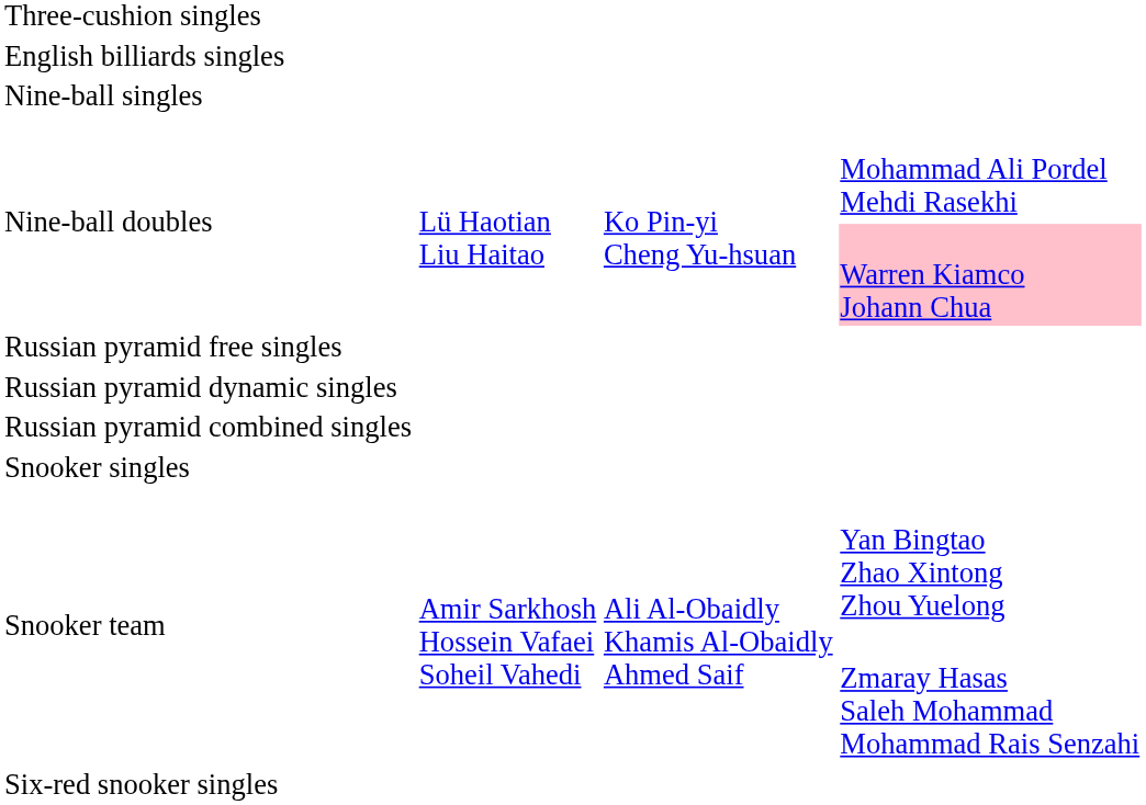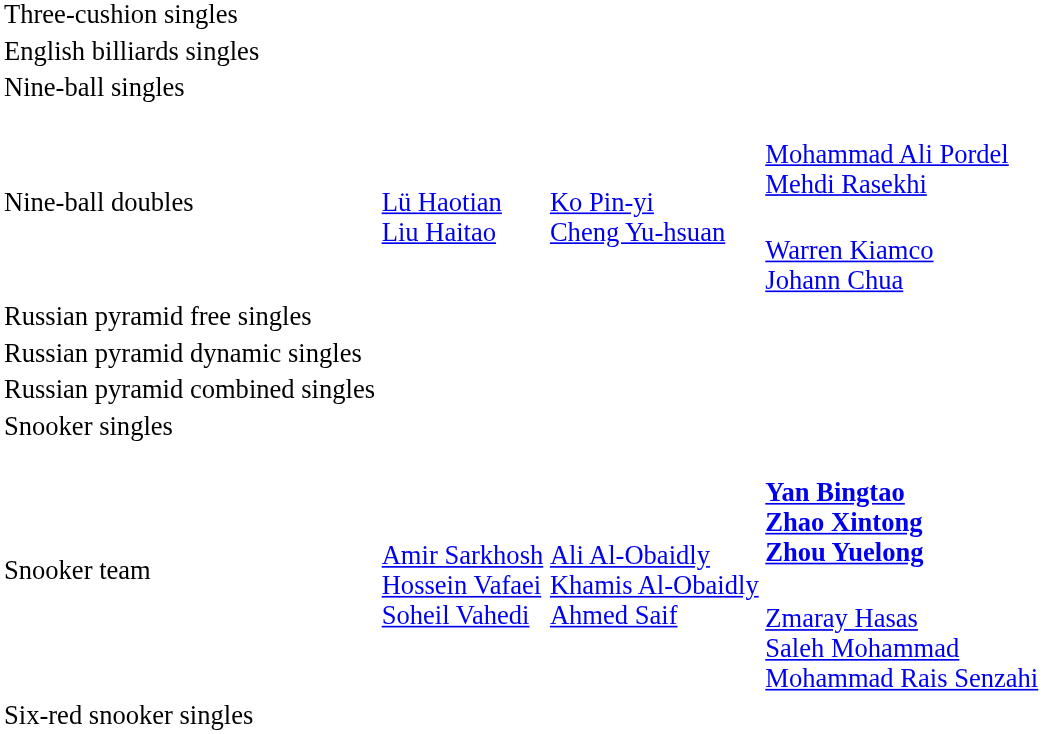 <table>
 <tr>
 <td rowspan=2>Three-cushion singles</td>
 <td rowspan=2></td>
 <td rowspan=2></td>
 <td></td>
 </tr>
 <tr>
 <td></td>
 </tr>
 <tr>
 <td rowspan=2>English billiards singles</td>
 <td rowspan=2></td>
 <td rowspan=2></td>
 <td></td>
 </tr>
 <tr>
 <td></td>
 </tr>
 <tr>
 <td rowspan=2>Nine-ball singles</td>
 <td rowspan=2></td>
 <td rowspan=2></td>
 <td></td>
 </tr>
 <tr>
 <td></td>
 </tr>
 <tr>
 <td rowspan=2>Nine-ball doubles</td>
 <td rowspan=2><br><a href='#'>Lü Haotian</a><br><a href='#'>Liu Haitao</a></td>
 <td rowspan=2><br><a href='#'>Ko Pin-yi</a><br><a href='#'>Cheng Yu-hsuan</a></td>
 <td><br><a href='#'>Mohammad Ali Pordel</a><br><a href='#'>Mehdi Rasekhi</a></td>
 </tr>
 <tr>
-<td style="background: pink;"><br><a href='#'>Warren Kiamco</a><br><a href='#'>Johann Chua</a></td>
+<td><br><a href='#'>Warren Kiamco</a><br><a href='#'>Johann Chua</a></td>
 </tr>
 <tr>
 <td rowspan=2>Russian pyramid free singles</td>
 <td rowspan=2></td>
 <td rowspan=2></td>
 <td></td>
 </tr>
 <tr>
 <td></td>
 </tr>
 <tr>
 <td rowspan=2>Russian pyramid dynamic singles</td>
 <td rowspan=2></td>
 <td rowspan=2></td>
 <td></td>
 </tr>
 <tr>
 <td></td>
 </tr>
 <tr>
 <td rowspan=2>Russian pyramid combined singles</td>
 <td rowspan=2></td>
 <td rowspan=2></td>
 <td></td>
 </tr>
 <tr>
 <td></td>
 </tr>
 <tr>
 <td rowspan=2>Snooker singles</td>
 <td rowspan=2></td>
 <td rowspan=2></td>
 <td></td>
 </tr>
 <tr>
 <td></td>
 </tr>
 <tr>
 <td rowspan=2>Snooker team</td>
 <td rowspan=2><br><a href='#'>Amir Sarkhosh</a><br><a href='#'>Hossein Vafaei</a><br><a href='#'>Soheil Vahedi</a></td>
 <td rowspan=2><br><a href='#'>Ali Al-Obaidly</a><br><a href='#'>Khamis Al-Obaidly</a><br><a href='#'>Ahmed Saif</a></td>
-<td><br><a href='#'>Yan Bingtao</a><br><a href='#'>Zhao Xintong</a><br><a href='#'>Zhou Yuelong</a></td>
+<td><strong><br><a href='#'>Yan Bingtao</a><br><a href='#'>Zhao Xintong</a><br><a href='#'>Zhou Yuelong</a></strong></td>
 </tr>
 <tr>
 <td><br><a href='#'>Zmaray Hasas</a><br><a href='#'>Saleh Mohammad</a><br><a href='#'>Mohammad Rais Senzahi</a></td>
 </tr>
 <tr>
 <td rowspan=2>Six-red snooker singles</td>
 <td rowspan=2></td>
 <td rowspan=2></td>
 <td></td>
 </tr>
 <tr>
 <td></td>
 </tr>
 </table>
